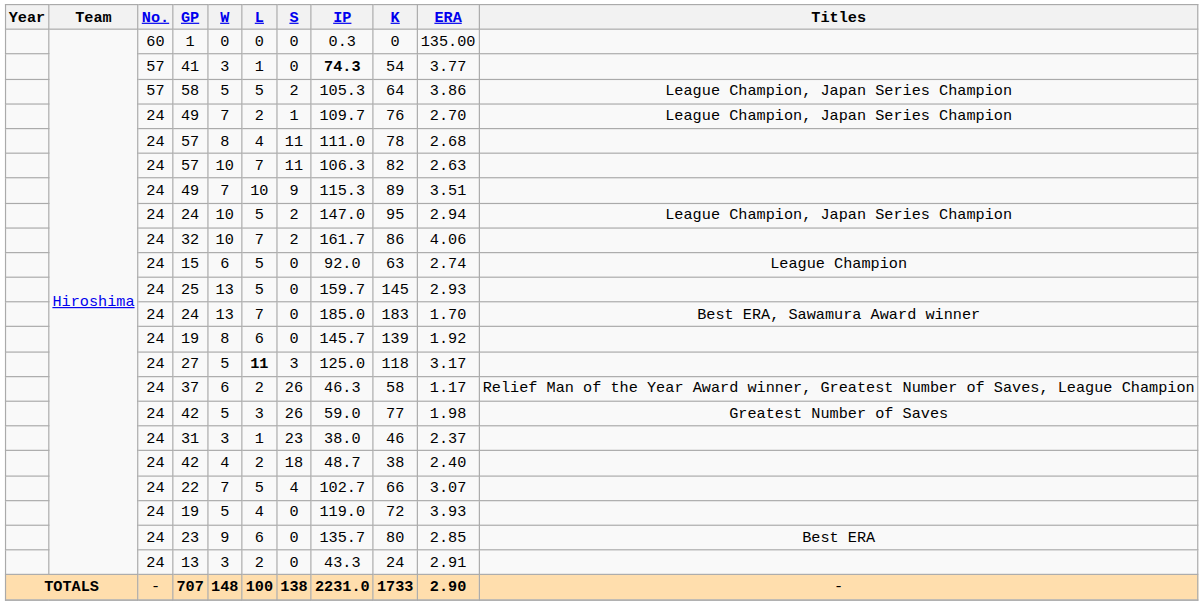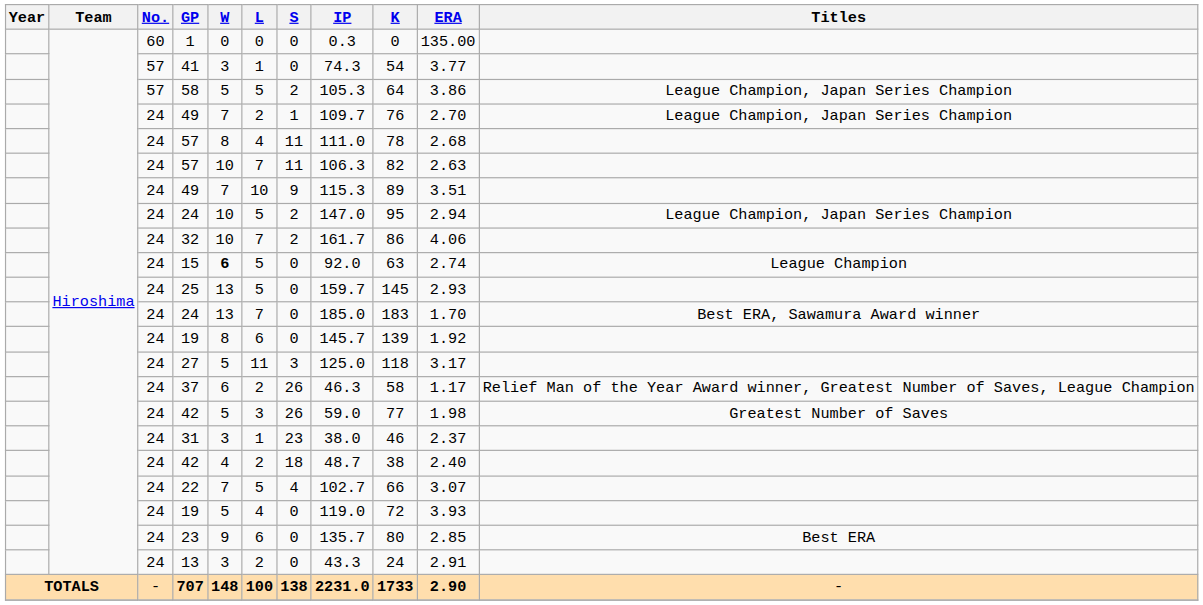 <table class="wikitable" style="margin:1em auto;">
 <tr>
 <th>Year</th>
 <th>Team</th>
 <th><a href='#'>No.</a></th>
 <th><a href='#'>GP</a></th>
 <th><a href='#'>W</a></th>
 <th><a href='#'>L</a></th>
 <th><a href='#'>S</a></th>
 <th><a href='#'>IP</a></th>
 <th><a href='#'>K</a></th>
 <th><a href='#'>ERA</a></th>
 <th>Titles</th>
 </tr>
 <tr align=center>
 <td></td>
 <td rowspan="22"><a href='#'>Hiroshima</a></td>
 <td>60</td>
 <td>1</td>
 <td>0</td>
 <td>0</td>
 <td>0</td>
 <td>0.3</td>
 <td>0</td>
 <td>135.00</td>
 <td></td>
 </tr>
 <tr align=center>
 <td></td>
 <td>57</td>
 <td>41</td>
 <td>3</td>
 <td>1</td>
 <td>0</td>
-<td><strong>74.3</strong></td>
+<td>74.3</td>
 <td>54</td>
 <td>3.77</td>
 <td></td>
 </tr>
 <tr align=center>
 <td></td>
 <td>57</td>
 <td>58</td>
 <td>5</td>
 <td>5</td>
 <td>2</td>
 <td>105.3</td>
 <td>64</td>
 <td>3.86</td>
 <td>League Champion, Japan Series Champion</td>
 </tr>
 <tr align=center>
 <td></td>
 <td>24</td>
 <td>49</td>
 <td>7</td>
 <td>2</td>
 <td>1</td>
 <td>109.7</td>
 <td>76</td>
 <td>2.70</td>
 <td>League Champion, Japan Series Champion</td>
 </tr>
 <tr align=center>
 <td></td>
 <td>24</td>
 <td>57</td>
 <td>8</td>
 <td>4</td>
 <td>11</td>
 <td>111.0</td>
 <td>78</td>
 <td>2.68</td>
 <td></td>
 </tr>
 <tr align=center>
 <td></td>
 <td>24</td>
 <td>57</td>
 <td>10</td>
 <td>7</td>
 <td>11</td>
 <td>106.3</td>
 <td>82</td>
 <td>2.63</td>
 <td></td>
 </tr>
 <tr align=center>
 <td></td>
 <td>24</td>
 <td>49</td>
 <td>7</td>
 <td>10</td>
 <td>9</td>
 <td>115.3</td>
 <td>89</td>
 <td>3.51</td>
 <td></td>
 </tr>
 <tr align=center>
 <td></td>
 <td>24</td>
 <td>24</td>
 <td>10</td>
 <td>5</td>
 <td>2</td>
 <td>147.0</td>
 <td>95</td>
 <td>2.94</td>
 <td>League Champion, Japan Series Champion</td>
 </tr>
 <tr align=center>
 <td></td>
 <td>24</td>
 <td>32</td>
 <td>10</td>
 <td>7</td>
 <td>2</td>
 <td>161.7</td>
 <td>86</td>
 <td>4.06</td>
 <td></td>
 </tr>
 <tr align=center>
 <td></td>
 <td>24</td>
 <td>15</td>
-<td>6</td>
+<td><strong>6</strong></td>
 <td>5</td>
 <td>0</td>
 <td>92.0</td>
 <td>63</td>
 <td>2.74</td>
 <td>League Champion</td>
 </tr>
 <tr align=center>
 <td></td>
 <td>24</td>
 <td>25</td>
 <td>13</td>
 <td>5</td>
 <td>0</td>
 <td>159.7</td>
 <td>145</td>
 <td>2.93</td>
 <td></td>
 </tr>
 <tr align=center>
 <td></td>
 <td>24</td>
 <td>24</td>
 <td>13</td>
 <td>7</td>
 <td>0</td>
 <td>185.0</td>
 <td>183</td>
 <td>1.70</td>
 <td>Best ERA, Sawamura Award winner</td>
 </tr>
 <tr align=center>
 <td></td>
 <td>24</td>
 <td>19</td>
 <td>8</td>
 <td>6</td>
 <td>0</td>
 <td>145.7</td>
 <td>139</td>
 <td>1.92</td>
 <td></td>
 </tr>
 <tr align=center>
 <td></td>
 <td>24</td>
 <td>27</td>
 <td>5</td>
-<td><strong>11</strong></td>
+<td>11</td>
 <td>3</td>
 <td>125.0</td>
 <td>118</td>
 <td>3.17</td>
 <td></td>
 </tr>
 <tr align=center>
 <td></td>
 <td>24</td>
 <td>37</td>
 <td>6</td>
 <td>2</td>
 <td>26</td>
 <td>46.3</td>
 <td>58</td>
 <td>1.17</td>
 <td>Relief Man of the Year Award winner, Greatest Number of Saves, League Champion</td>
 </tr>
 <tr align=center>
 <td></td>
 <td>24</td>
 <td>42</td>
 <td>5</td>
 <td>3</td>
 <td>26</td>
 <td>59.0</td>
 <td>77</td>
 <td>1.98</td>
 <td>Greatest Number of Saves</td>
 </tr>
 <tr align=center>
 <td></td>
 <td>24</td>
 <td>31</td>
 <td>3</td>
 <td>1</td>
 <td>23</td>
 <td>38.0</td>
 <td>46</td>
 <td>2.37</td>
 <td></td>
 </tr>
 <tr align=center>
 <td></td>
 <td>24</td>
 <td>42</td>
 <td>4</td>
 <td>2</td>
 <td>18</td>
 <td>48.7</td>
 <td>38</td>
 <td>2.40</td>
 <td></td>
 </tr>
 <tr align=center>
 <td></td>
 <td>24</td>
 <td>22</td>
 <td>7</td>
 <td>5</td>
 <td>4</td>
 <td>102.7</td>
 <td>66</td>
 <td>3.07</td>
 <td></td>
 </tr>
 <tr align=center>
 <td></td>
 <td>24</td>
 <td>19</td>
 <td>5</td>
 <td>4</td>
 <td>0</td>
 <td>119.0</td>
 <td>72</td>
 <td>3.93</td>
 <td></td>
 </tr>
 <tr align=center>
 <td></td>
 <td>24</td>
 <td>23</td>
 <td>9</td>
 <td>6</td>
 <td>0</td>
 <td>135.7</td>
 <td>80</td>
 <td>2.85</td>
 <td>Best ERA</td>
 </tr>
 <tr align=center>
 <td></td>
 <td>24</td>
 <td>13</td>
 <td>3</td>
 <td>2</td>
 <td>0</td>
 <td>43.3</td>
 <td>24</td>
 <td>2.91</td>
 <td></td>
 </tr>
 <tr align=center style="background: #ffdead;">
 <td colspan=2><strong>TOTALS</strong></td>
 <td>-</td>
 <td><strong>707</strong></td>
 <td><strong>148</strong></td>
 <td><strong>100</strong></td>
 <td><strong>138</strong></td>
 <td><strong>2231.0</strong></td>
 <td><strong>1733</strong></td>
 <td><strong>2.90</strong></td>
 <td>-</td>
 </tr>
 <tr>
 </tr>
 </table>
